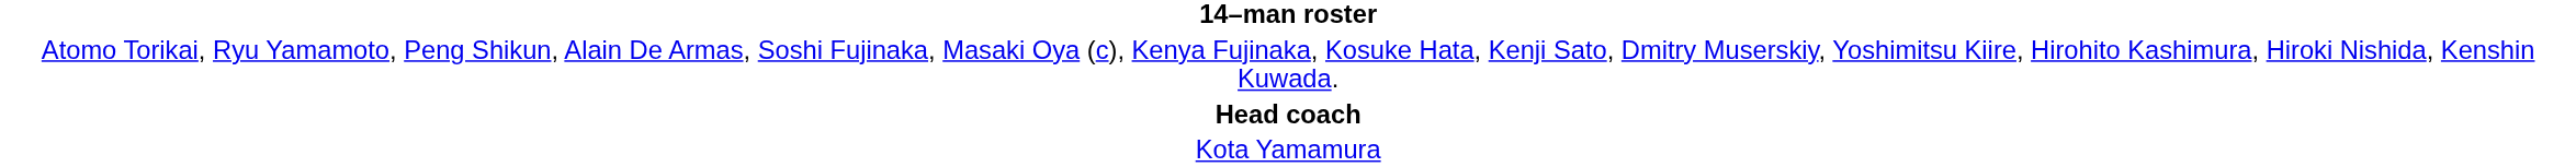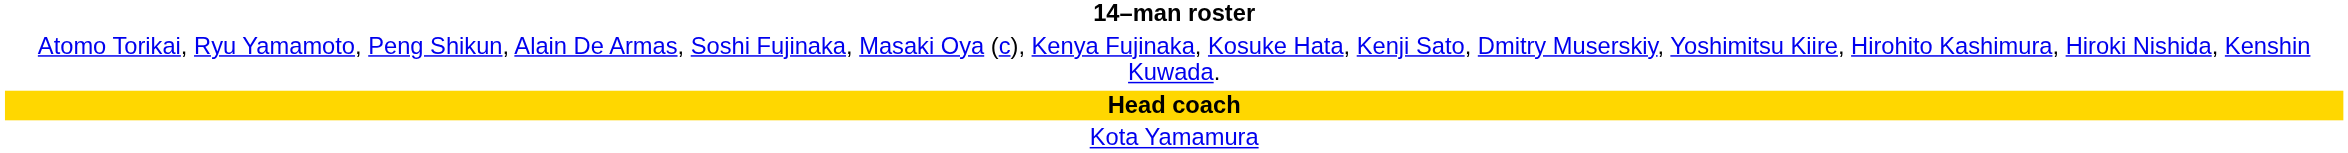 <table style="text-align:center; margin-top:2em; margin-left:auto; margin-right:auto">
 <tr>
 <td><strong>14–man roster</strong></td>
 </tr>
 <tr>
 <td><a href='#'>Atomo Torikai</a>, <a href='#'>Ryu Yamamoto</a>, <a href='#'>Peng Shikun</a>, <a href='#'>Alain De Armas</a>, <a href='#'>Soshi Fujinaka</a>, <a href='#'>Masaki Oya</a> (<a href='#'>c</a>), <a href='#'>Kenya Fujinaka</a>, <a href='#'>Kosuke Hata</a>, <a href='#'>Kenji Sato</a>, <a href='#'>Dmitry Muserskiy</a>, <a href='#'>Yoshimitsu Kiire</a>, <a href='#'>Hirohito Kashimura</a>, <a href='#'>Hiroki Nishida</a>, <a href='#'>Kenshin Kuwada</a>.</td>
 </tr>
 <tr>
-<td><strong>Head coach</strong></td>
+<td style="background: gold;"><strong>Head coach</strong></td>
 </tr>
 <tr>
 <td><a href='#'>Kota Yamamura</a></td>
 </tr>
 </table>
